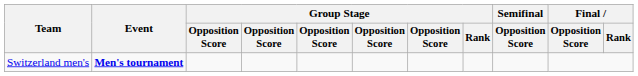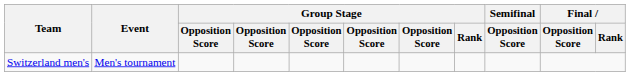 <table class=wikitable style=font-size:90%;text-align:center>
 <tr>
 <th rowspan=2>Team</th>
 <th rowspan=2>Event</th>
 <th colspan=6>Group Stage</th>
 <th>Semifinal</th>
 <th colspan=2>Final / </th>
 </tr>
 <tr style=font-size:95%>
 <th>Opposition<br>Score</th>
 <th>Opposition<br>Score</th>
 <th>Opposition<br>Score</th>
 <th>Opposition<br>Score</th>
 <th>Opposition<br>Score</th>
 <th>Rank</th>
 <th>Opposition<br>Score</th>
 <th>Opposition<br>Score</th>
 <th>Rank</th>
 </tr>
 <tr>
 <td align=left><a href='#'>Switzerland men's</a></td>
-<td align=left><strong><a href='#'>Men's tournament</a></strong></td>
+<td align=left><a href='#'>Men's tournament</a></td>
 <td><br></td>
 <td><br></td>
 <td><br></td>
 <td></td>
 <td></td>
 <td></td>
 <td></td>
 </tr>
 </table>
